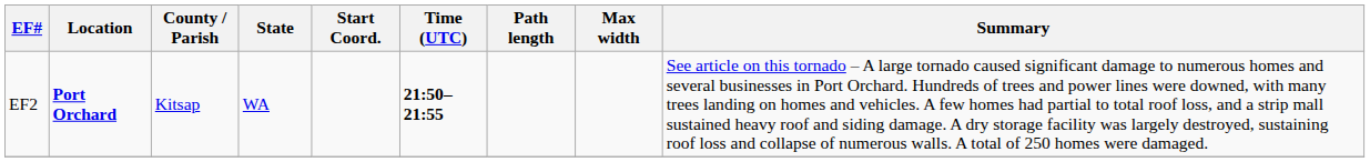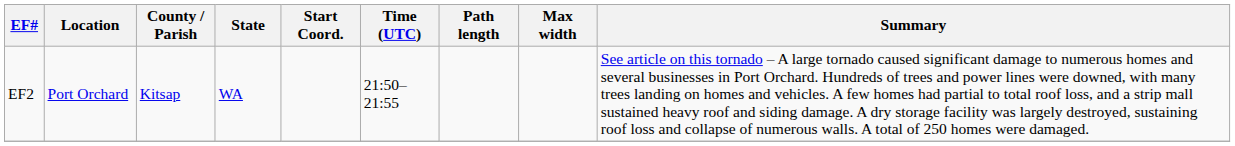 <table class="wikitable sortable" style="width:100%;">
 <tr>
 <th scope="col"  style="width:3%; text-align:center;"><a href='#'>EF#</a></th>
 <th scope="col"  style="width:7%; text-align:center;" class="unsortable">Location</th>
 <th scope="col"  style="width:6%; text-align:center;" class="unsortable">County / Parish</th>
 <th scope="col"  style="width:5%; text-align:center;">State</th>
 <th scope="col"  style="width:6%; text-align:center;">Start Coord.</th>
 <th scope="col"  style="width:6%; text-align:center;">Time (<a href='#'>UTC</a>)</th>
 <th scope="col"  style="width:6%; text-align:center;">Path length</th>
 <th scope="col"  style="width:6%; text-align:center;">Max width</th>
 <th scope="col" class="unsortable" style="width:48%; text-align:center;">Summary</th>
 </tr>
 <tr>
 <td>EF2</td>
-<td><strong><a href='#'>Port Orchard</a></strong></td>
+<td><a href='#'>Port Orchard</a></td>
 <td><a href='#'>Kitsap</a></td>
 <td><a href='#'>WA</a></td>
 <td></td>
-<td><strong>21:50–21:55</strong></td>
+<td>21:50–21:55</td>
 <td></td>
 <td></td>
 <td><a href='#'>See article on this tornado</a> – A large tornado caused significant damage to numerous homes and several businesses in Port Orchard. Hundreds of trees and power lines were downed, with many trees landing on homes and vehicles. A few homes had partial to total roof loss, and a strip mall sustained heavy roof and siding damage. A dry storage facility was largely destroyed, sustaining roof loss and collapse of numerous walls. A total of 250 homes were damaged.</td>
 </tr>
 <tr>
 </tr>
 </table>
